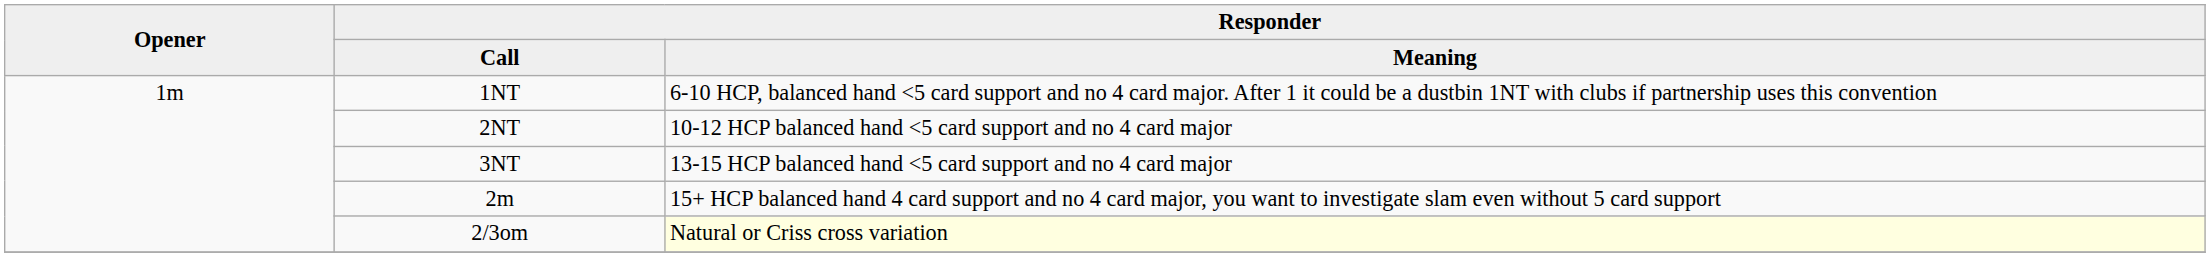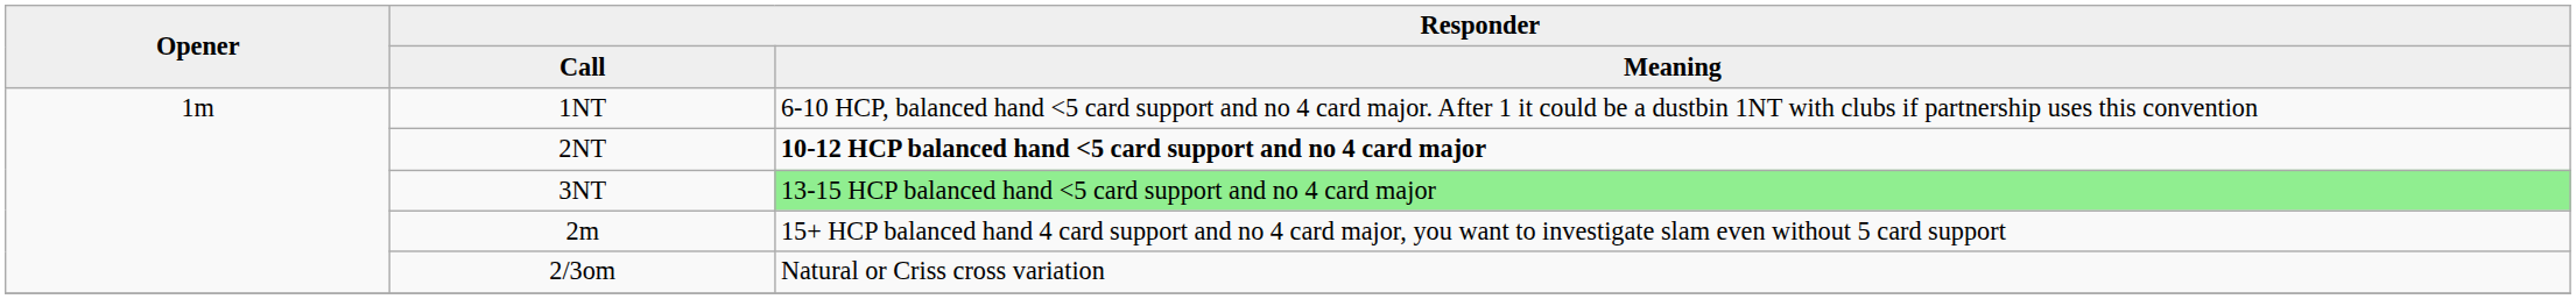 <table class="wikitable" width=100%>
 <tr>
 <td rowspan=2 style="background: #EFEFEF" align=center width=15%><strong>Opener</strong></td>
 <td colspan="2" style="text-align: center; background: #EFEFEF" width=85%><strong>Responder</strong></td>
 </tr>
 <tr>
 <td style="text-align: center; background: #EFEFEF" width=15%><strong>Call</strong></td>
 <td style="text-align: center; background: #EFEFEF" width=85%><strong>Meaning</strong></td>
 </tr>
 <tr align="left" valign="top">
 <td rowspan="5" align=center>1m</td>
 <td align=center>1NT</td>
 <td>6-10 HCP, balanced hand <5 card support and no 4 card major.  After 1 it could be a dustbin 1NT with clubs if partnership uses this convention</td>
 </tr>
 <tr>
 <td valign=top align=center>2NT</td>
-<td>10-12 HCP balanced hand <5 card support and no 4 card major</td>
+<td><strong>10-12 HCP balanced hand <5 card support and no 4 card major</strong></td>
 </tr>
 <tr>
 <td valign=top align=center>3NT</td>
-<td>13-15 HCP balanced hand <5 card support and no 4 card major</td>
+<td style="background: lightgreen;">13-15 HCP balanced hand <5 card support and no 4 card major</td>
 </tr>
 <tr>
 <td valign=top align=center>2m</td>
 <td>15+ HCP balanced hand 4 card support and no 4 card major, you want to investigate slam even without 5 card support</td>
 </tr>
 <tr>
 <td valign=top align=center>2/3om</td>
-<td style="background: lightyellow;">Natural or Criss cross variation</td>
+<td>Natural or Criss cross variation</td>
 </tr>
 <tr>
 </tr>
 </table>
